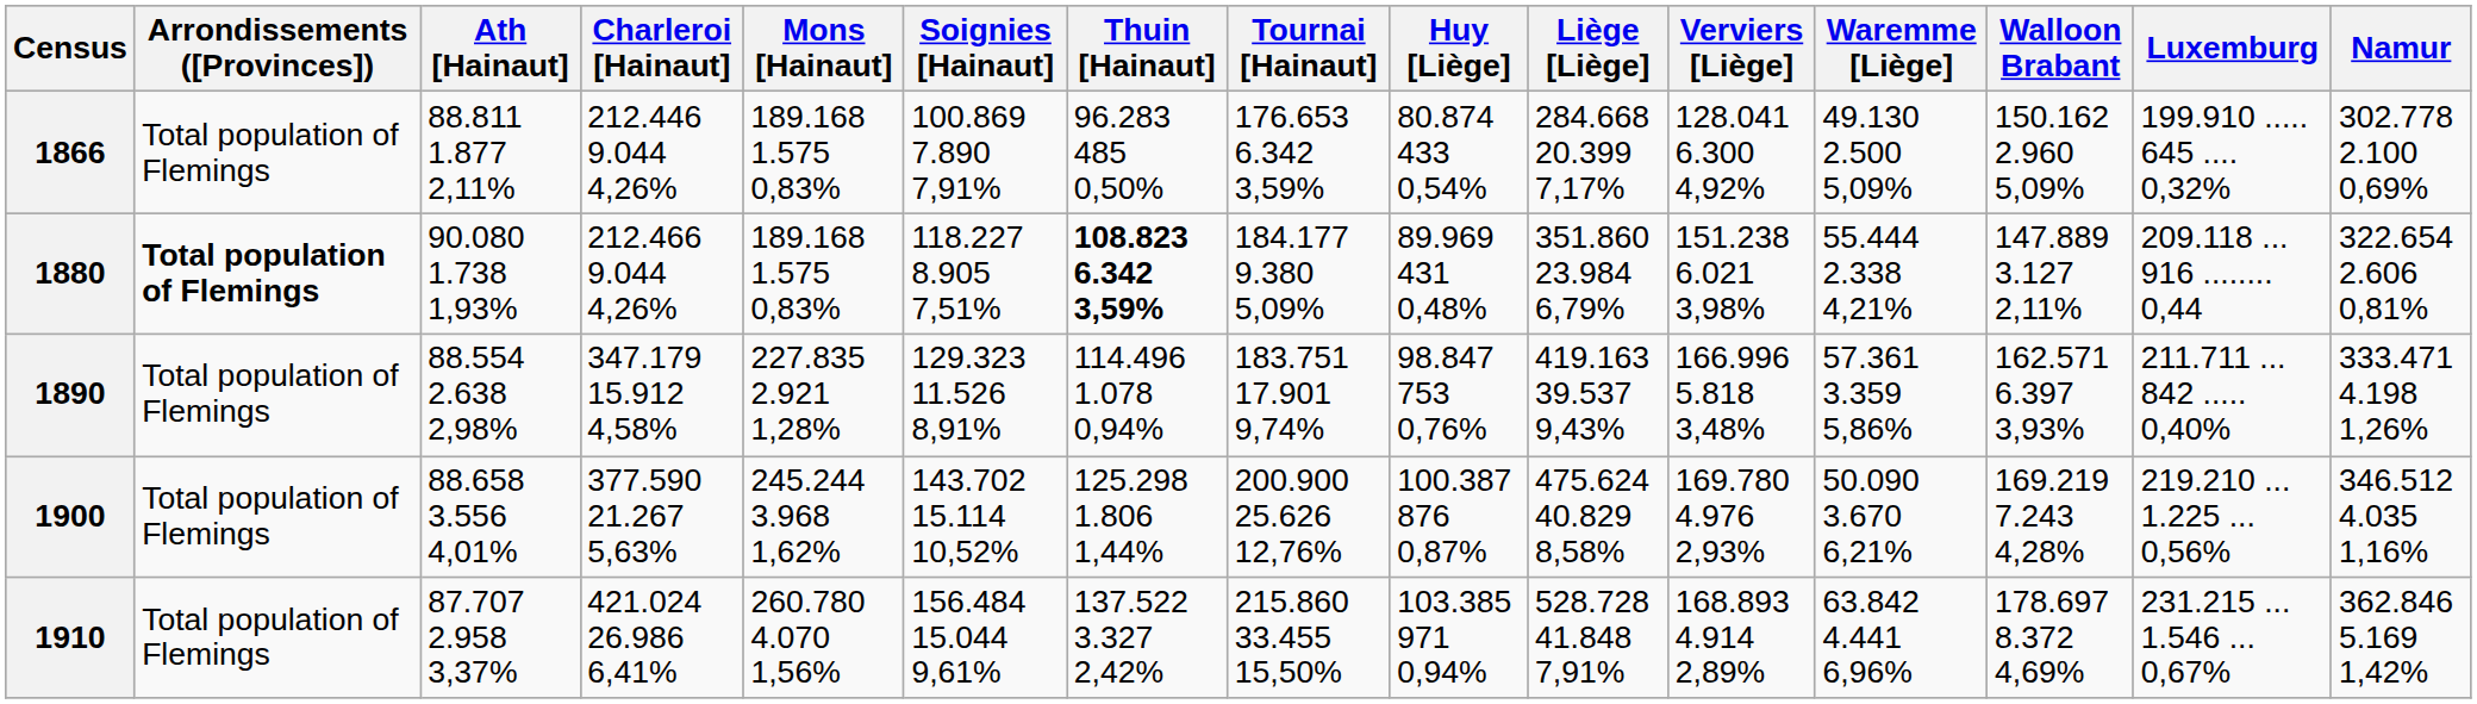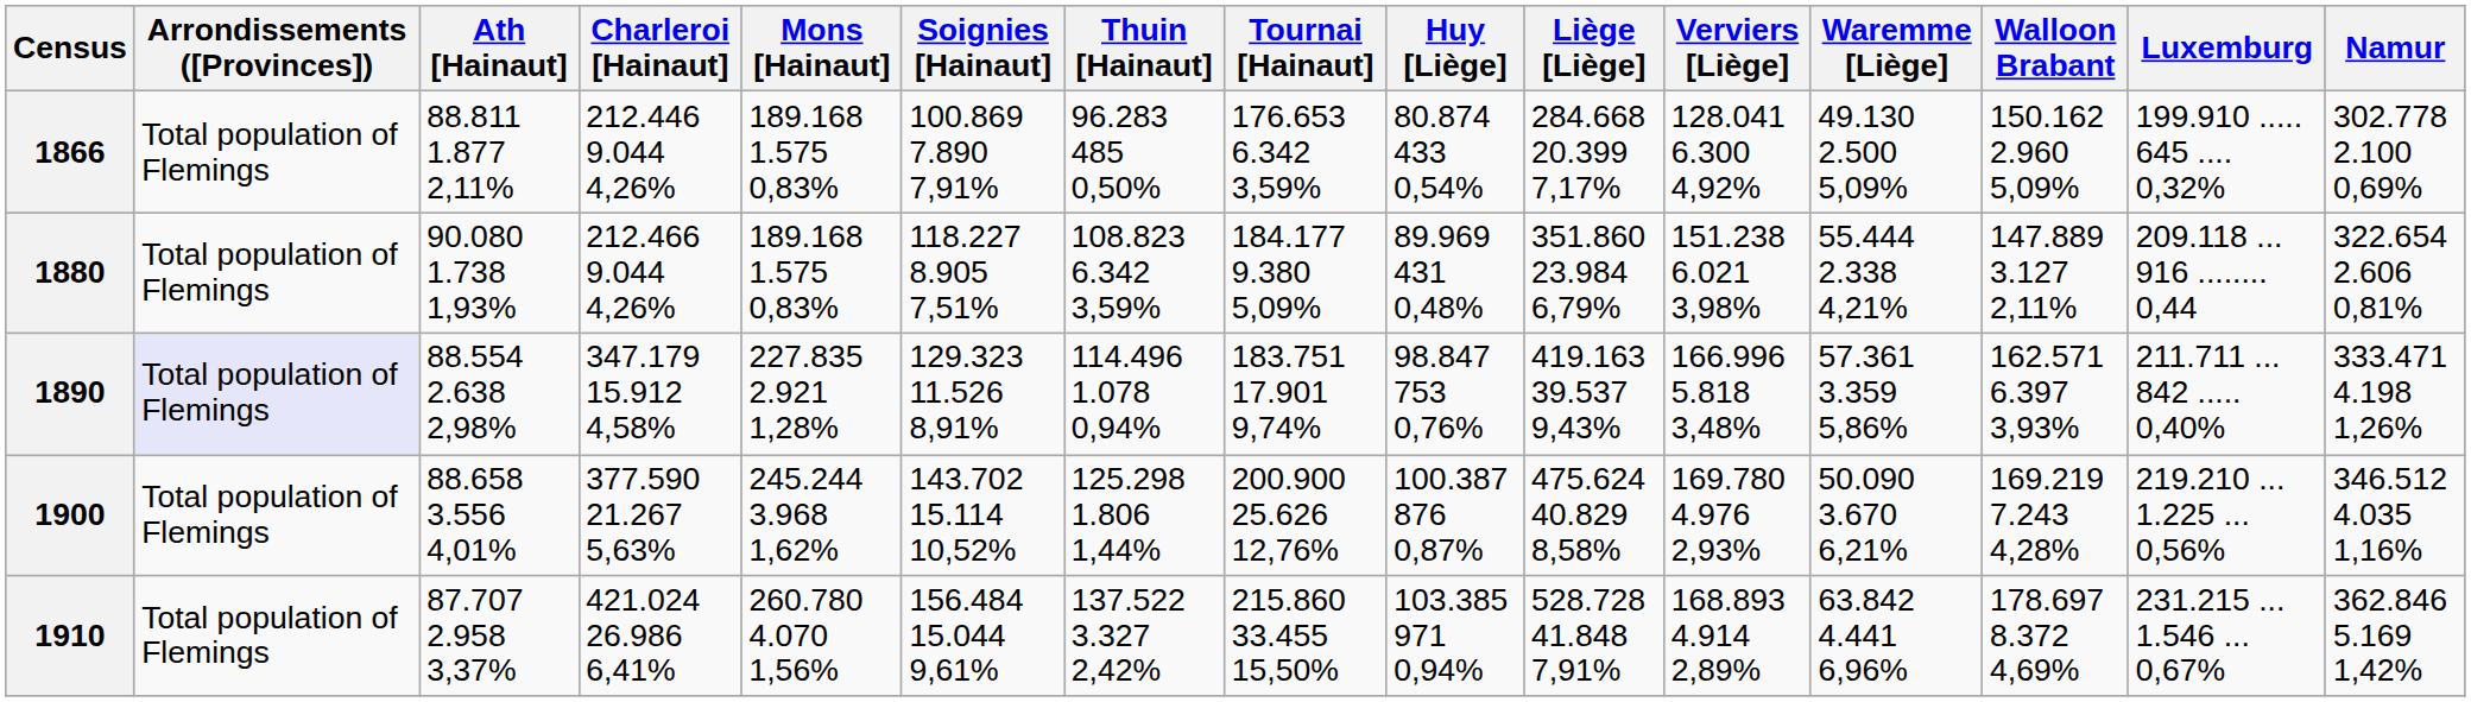 <table class="wikitable">
 <tr>
 <th>Census</th>
 <th>Arrondissements ([Provinces])</th>
 <th><a href='#'>Ath</a> [Hainaut]</th>
 <th><a href='#'>Charleroi</a> [Hainaut]</th>
 <th><a href='#'>Mons</a> [Hainaut]</th>
 <th><a href='#'>Soignies</a> [Hainaut]</th>
 <th><a href='#'>Thuin</a>     [Hainaut]</th>
 <th><a href='#'>Tournai</a> [Hainaut]</th>
 <th><a href='#'>Huy</a> [Liège]</th>
 <th><a href='#'>Liège</a> [Liège]</th>
 <th><a href='#'>Verviers</a> [Liège]</th>
 <th><a href='#'>Waremme</a> [Liège]</th>
 <th><a href='#'>Walloon Brabant</a></th>
 <th><a href='#'>Luxemburg</a></th>
 <th><a href='#'>Namur</a></th>
 </tr>
 <tr>
 <th>1866</th>
 <td>Total population of Flemings</td>
 <td>88.811 1.877                   2,11%</td>
 <td>212.446  9.044                   4,26%</td>
 <td>189.168  1.575                  0,83%</td>
 <td>100.869  7.890                  7,91%</td>
 <td>96.283      485                   0,50%</td>
 <td>176.653   6.342 3,59%</td>
 <td>80.874      433  0,54%</td>
 <td>284.668  20.399               7,17%</td>
 <td>128.041     6.300               4,92%</td>
 <td>49.130     2.500                5,09%</td>
 <td>150.162     2.960               5,09%</td>
 <td>199.910 ..... 645   .... 0,32%</td>
 <td>302.778       2.100               0,69%</td>
 </tr>
 <tr>
 <th>1880</th>
-<td><strong>Total population of Flemings</strong></td>
+<td>Total population of Flemings</td>
 <td>90.080   1.738   1,93%</td>
 <td>212.466 9.044   4,26%</td>
 <td>189.168  1.575  0,83%</td>
 <td>118.227   8.905 7,51%</td>
-<td><strong>108.823   6.342 3,59%</strong></td>
+<td>108.823   6.342 3,59%</td>
 <td>184.177   9.380 5,09%</td>
 <td>89.969       431 0,48%</td>
 <td>351.860 23.984 6,79%</td>
 <td>151.238   6.021 3,98%</td>
 <td>55.444 2.338 4,21%</td>
 <td>147.889 3.127 2,11%</td>
 <td>209.118 ...  916  ........  0,44</td>
 <td>322.654 2.606 0,81%</td>
 </tr>
 <tr>
 <th>1890</th>
-<td>Total population of Flemings</td>
+<td style="background: lavender;">Total population of Flemings</td>
 <td>88.554 2.638  2,98%</td>
 <td>347.179 15.912 4,58%</td>
 <td>227.835   2.921  1,28%</td>
 <td>129.323 11.526  8,91%</td>
 <td>114.496    1.078  0,94%</td>
 <td>183.751  17.901  9,74%</td>
 <td>98.847          753  0,76%</td>
 <td>419.163   39.537 9,43%</td>
 <td>166.996 5.818     3,48%</td>
 <td>57.361  3.359     5,86%</td>
 <td>162.571 6.397     3,93%</td>
 <td>211.711 ...     842 .....     0,40%</td>
 <td>333.471  4.198     1,26%</td>
 </tr>
 <tr>
 <th>1900</th>
 <td>Total population of Flemings</td>
 <td>88.658   3.556  4,01%</td>
 <td>377.590  21.267 5,63%</td>
 <td>245.244    3.968   1,62%</td>
 <td>143.702   15.114  10,52%</td>
 <td>125.298  1.806  1,44%</td>
 <td>200.900 25.626   12,76%</td>
 <td>100.387 876         0,87%</td>
 <td>475.624  40.829  8,58%</td>
 <td>169.780 4.976 2,93%</td>
 <td>50.090  3.670  6,21%</td>
 <td>169.219 7.243 4,28%</td>
 <td>219.210 ...  1.225 ...  0,56%</td>
 <td>346.512  4.035 1,16%</td>
 </tr>
 <tr>
 <th>1910</th>
 <td>Total population of Flemings</td>
 <td>87.707 2.958 3,37%</td>
 <td>421.024 26.986  6,41%</td>
 <td>260.780 4.070 1,56%</td>
 <td>156.484 15.044 9,61%</td>
 <td>137.522 3.327 2,42%</td>
 <td>215.860 33.455 15,50%</td>
 <td>103.385  971 0,94%</td>
 <td>528.728 41.848  7,91%</td>
 <td>168.893 4.914 2,89%</td>
 <td>63.842 4.441 6,96%</td>
 <td>178.697 8.372 4,69%</td>
 <td>231.215 ... 1.546 ...  0,67%</td>
 <td>362.846 5.169 1,42%</td>
 </tr>
 </table>
